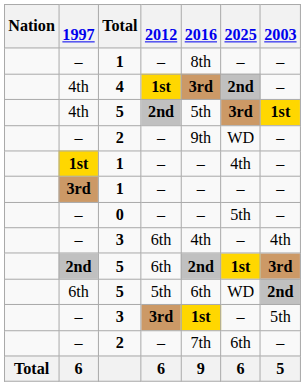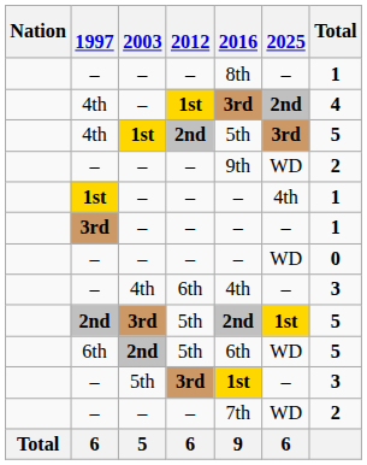 <table class="wikitable" style="text-align:center">
 <tr>
 <th>Nation</th>
 <th><br><a href='#'>1997</a></th>
-<th>Total</th>
+<th><br><a href='#'>2003</a></th>
 <th><br><a href='#'>2012</a></th>
 <th><br><a href='#'>2016</a></th>
 <th><br><a href='#'>2025</a></th>
-<th><br><a href='#'>2003</a></th>
+<th>Total</th>
 </tr>
 <tr>
 <td align=left></td>
 <td>–</td>
-<td><strong>1</strong></td>
+<td>–</td>
 <td>–</td>
 <td>8th</td>
 <td>–</td>
-<td>–</td>
+<td><strong>1</strong></td>
 </tr>
 <tr>
 <td align=left></td>
 <td>4th</td>
-<td><strong>4</strong></td>
+<td>–</td>
 <td bgcolor=gold><strong>1st</strong></td>
 <td bgcolor=cc9966><strong>3rd</strong></td>
 <td bgcolor=silver><strong>2nd</strong></td>
-<td>–</td>
+<td><strong>4</strong></td>
 </tr>
 <tr>
 <td align=left></td>
 <td>4th</td>
-<td><strong>5</strong></td>
+<td bgcolor=gold><strong>1st</strong></td>
 <td bgcolor=silver><strong>2nd</strong></td>
 <td>5th</td>
 <td bgcolor=cc9966><strong>3rd</strong></td>
-<td bgcolor=gold><strong>1st</strong></td>
+<td><strong>5</strong></td>
 </tr>
 <tr>
 <td align=left></td>
 <td>–</td>
-<td><strong>2</strong></td>
+<td>–</td>
 <td>–</td>
 <td>9th</td>
 <td>WD</td>
-<td>–</td>
+<td><strong>2</strong></td>
 </tr>
 <tr>
 <td align=left></td>
 <td bgcolor=gold><strong>1st</strong></td>
-<td><strong>1</strong></td>
+<td>–</td>
 <td>–</td>
 <td>–</td>
 <td>4th</td>
-<td>–</td>
+<td><strong>1</strong></td>
 </tr>
 <tr>
 <td align=left></td>
 <td bgcolor=cc9966><strong>3rd</strong></td>
-<td><strong>1</strong></td>
 <td>–</td>
 <td>–</td>
 <td>–</td>
 <td>–</td>
+<td><strong>1</strong></td>
 </tr>
 <tr>
 <td align=left></td>
 <td>–</td>
-<td><strong>0</strong></td>
 <td>–</td>
 <td>–</td>
-<td>5th</td>
 <td>–</td>
+<td>WD</td>
+<td><strong>0</strong></td>
 </tr>
 <tr>
 <td align=left></td>
 <td>–</td>
-<td><strong>3</strong></td>
+<td>4th</td>
 <td>6th</td>
 <td>4th</td>
 <td>–</td>
-<td>4th</td>
+<td><strong>3</strong></td>
 </tr>
 <tr>
 <td align=left></td>
 <td bgcolor=silver><strong>2nd</strong></td>
-<td><strong>5</strong></td>
-<td>6th</td>
+<td bgcolor=cc9966><strong>3rd</strong></td>
+<td>5th</td>
 <td bgcolor=silver><strong>2nd</strong></td>
 <td bgcolor=gold><strong>1st</strong></td>
-<td bgcolor=cc9966><strong>3rd</strong></td>
+<td><strong>5</strong></td>
 </tr>
 <tr>
 <td align=left></td>
 <td>6th</td>
-<td><strong>5</strong></td>
+<td bgcolor=silver><strong>2nd</strong></td>
 <td>5th</td>
 <td>6th</td>
 <td>WD</td>
-<td bgcolor=silver><strong>2nd</strong></td>
+<td><strong>5</strong></td>
 </tr>
 <tr>
 <td align=left></td>
 <td>–</td>
-<td><strong>3</strong></td>
+<td>5th</td>
 <td bgcolor=cc9966><strong>3rd</strong></td>
 <td bgcolor=gold><strong>1st</strong></td>
 <td>–</td>
-<td>5th</td>
+<td><strong>3</strong></td>
 </tr>
 <tr>
 <td align=left></td>
 <td>–</td>
-<td><strong>2</strong></td>
+<td>–</td>
 <td>–</td>
 <td>7th</td>
-<td>6th</td>
-<td>–</td>
+<td>WD</td>
+<td><strong>2</strong></td>
 </tr>
 <tr>
 <th>Total</th>
 <th>6</th>
-<th></th>
+<th>5</th>
 <th>6</th>
 <th>9</th>
 <th>6</th>
-<th>5</th>
+<th></th>
 </tr>
 </table>
